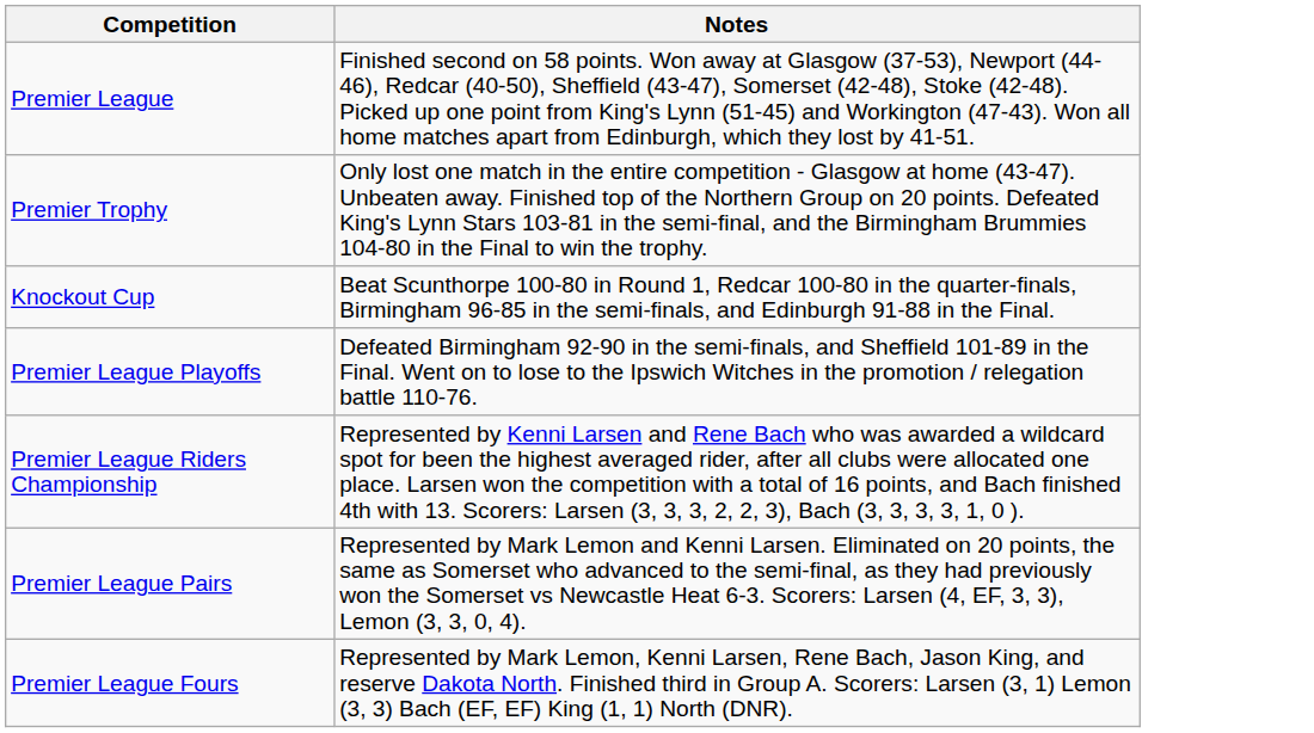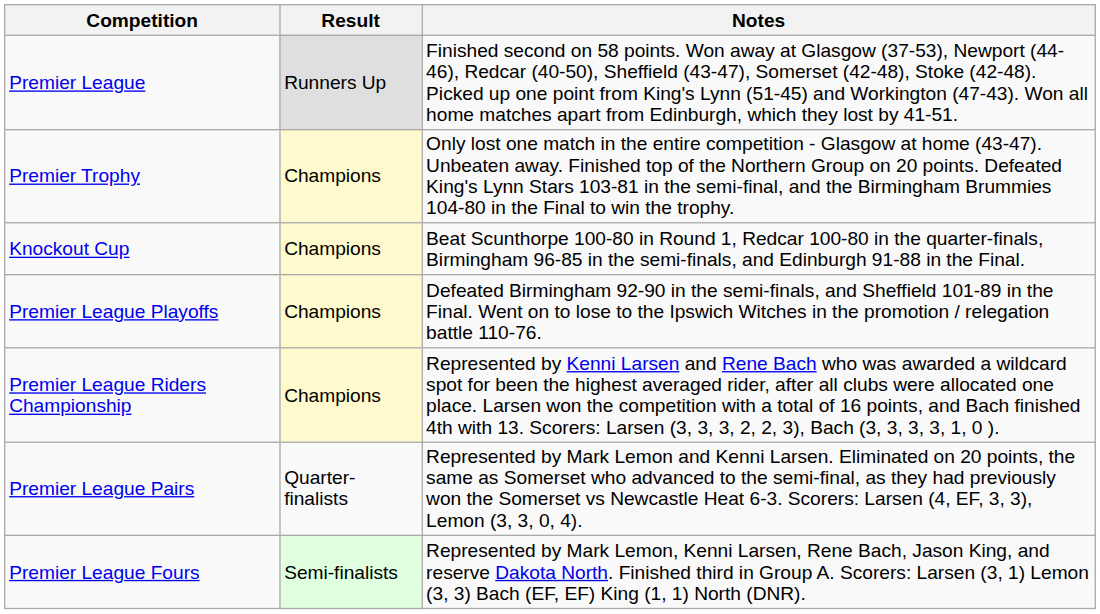 <table class="wikitable" class="cellspacing=" style="background-color: #f9f9f9; font-size: 90%; 0:">
 <tr>
 <th width=200>Competition</th>
+<th width=100>Result</th>
 <th width=500>Notes</th>
 </tr>
 <tr>
 <td><a href='#'>Premier League</a></td>
+<td style="background:#dfdfdf;">Runners Up</td>
 <td>Finished second on 58 points. Won away at Glasgow (37-53), Newport (44-46), Redcar (40-50), Sheffield (43-47), Somerset (42-48), Stoke (42-48). Picked up one point from King's Lynn (51-45) and Workington (47-43). Won all home matches apart from Edinburgh, which they lost by 41-51.</td>
 </tr>
 <tr>
 <td><a href='#'>Premier Trophy</a></td>
+<td style="background:#fffacd;">Champions</td>
 <td>Only lost one match in the entire competition - Glasgow at home (43-47). Unbeaten away. Finished top of the Northern Group on 20 points. Defeated King's Lynn Stars 103-81 in the semi-final, and the Birmingham Brummies 104-80 in the Final to win the trophy.</td>
 </tr>
 <tr>
 <td><a href='#'>Knockout Cup</a></td>
+<td style="background:#fffacd;">Champions</td>
 <td>Beat Scunthorpe 100-80 in Round 1, Redcar 100-80 in the quarter-finals, Birmingham 96-85 in the semi-finals, and Edinburgh 91-88 in the Final.</td>
 </tr>
 <tr>
 <td><a href='#'>Premier League Playoffs</a></td>
+<td style="background:#fffacd;">Champions</td>
 <td>Defeated Birmingham 92-90 in the semi-finals, and Sheffield 101-89 in the Final. Went on to lose to the Ipswich Witches in the promotion / relegation battle 110-76.</td>
 </tr>
 <tr>
 <td><a href='#'>Premier League Riders Championship</a></td>
+<td style="background:#fffacd;">Champions</td>
 <td>Represented by <a href='#'>Kenni Larsen</a> and <a href='#'>Rene Bach</a> who was awarded a wildcard spot for been the highest averaged rider, after all clubs were allocated one place. Larsen won the competition with a total of 16 points, and Bach finished 4th with 13. Scorers: Larsen (3, 3, 3, 2, 2, 3), Bach (3, 3, 3, 3, 1, 0 ).</td>
 </tr>
 <tr>
 <td><a href='#'>Premier League Pairs</a></td>
+<td>Quarter-finalists</td>
 <td>Represented by Mark Lemon and Kenni Larsen. Eliminated on 20 points, the same as Somerset who advanced to the semi-final, as they had previously won the Somerset vs Newcastle Heat 6-3. Scorers: Larsen (4, EF, 3, 3), Lemon (3, 3, 0, 4).</td>
 </tr>
 <tr>
 <td><a href='#'>Premier League Fours</a></td>
+<td style="background:#dfffdf;">Semi-finalists</td>
 <td>Represented by Mark Lemon, Kenni Larsen, Rene Bach, Jason King, and reserve <a href='#'>Dakota North</a>. Finished third in Group A. Scorers: Larsen (3, 1) Lemon (3, 3) Bach (EF, EF) King (1, 1) North (DNR).</td>
 </tr>
 </table>
